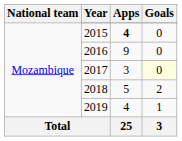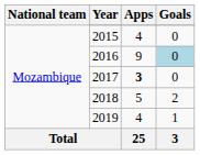 <table class="wikitable" style="text-align:center">
 <tr>
 <th>National team</th>
 <th>Year</th>
 <th>Apps</th>
 <th>Goals</th>
 </tr>
 <tr>
 <td rowspan="6"><a href='#'>Mozambique</a></td>
 </tr>
 <tr>
 <td>2015</td>
-<td><strong>4</strong></td>
+<td>4</td>
 <td>0</td>
 </tr>
 <tr>
 <td>2016</td>
 <td>9</td>
-<td>0</td>
+<td style="background: lightblue;">0</td>
 </tr>
 <tr>
 <td>2017</td>
-<td>3</td>
-<td style="background: lightyellow;">0</td>
+<td><strong>3</strong></td>
+<td>0</td>
 </tr>
 <tr>
 <td>2018</td>
 <td>5</td>
 <td>2</td>
 </tr>
 <tr>
 <td>2019</td>
 <td>4</td>
 <td>1</td>
 </tr>
 <tr>
 <th colspan=2>Total</th>
 <th>25</th>
 <th>3</th>
 </tr>
 </table>
